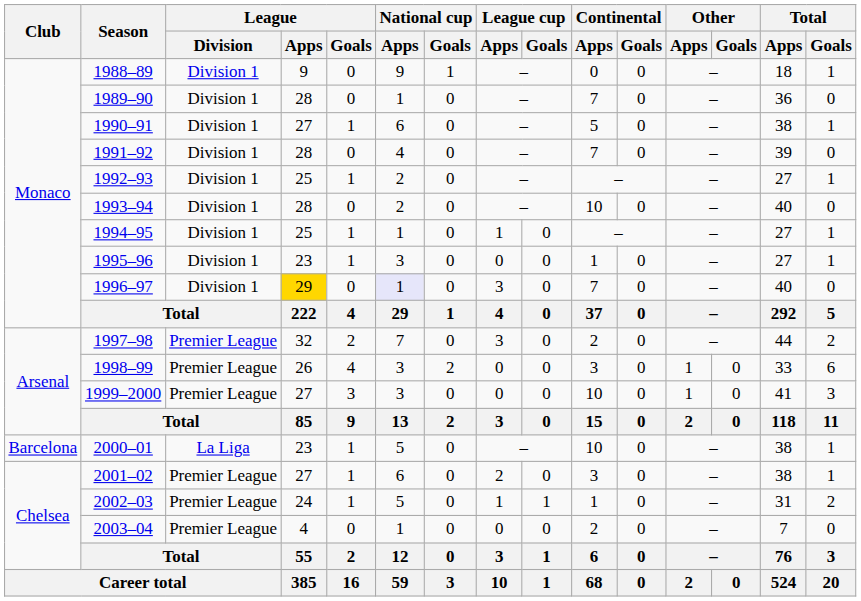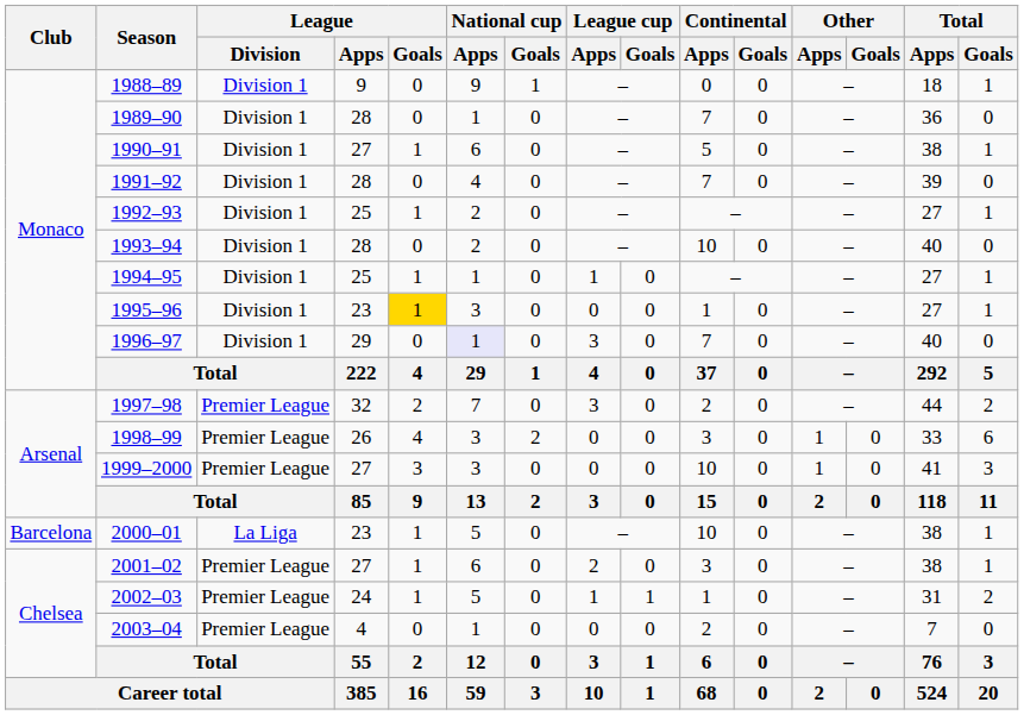 <table class="wikitable" style="text-align: center;">
 <tr>
 <th rowspan="2">Club</th>
 <th rowspan="2">Season</th>
 <th colspan="3">League</th>
 <th colspan="2">National cup</th>
 <th colspan="2">League cup</th>
 <th colspan="2">Continental</th>
 <th colspan="2">Other</th>
 <th colspan="2">Total</th>
 </tr>
 <tr>
 <th>Division</th>
 <th>Apps</th>
 <th>Goals</th>
 <th>Apps</th>
 <th>Goals</th>
 <th>Apps</th>
 <th>Goals</th>
 <th>Apps</th>
 <th>Goals</th>
 <th>Apps</th>
 <th>Goals</th>
 <th>Apps</th>
 <th>Goals</th>
 </tr>
 <tr>
 <td rowspan="10"><a href='#'>Monaco</a></td>
 <td><a href='#'>1988–89</a></td>
 <td><a href='#'>Division 1</a></td>
 <td>9</td>
 <td>0</td>
 <td>9</td>
 <td>1</td>
 <td colspan="2">–</td>
 <td>0</td>
 <td>0</td>
 <td colspan="2">–</td>
 <td>18</td>
 <td>1</td>
 </tr>
 <tr>
 <td><a href='#'>1989–90</a></td>
 <td>Division 1</td>
 <td>28</td>
 <td>0</td>
 <td>1</td>
 <td>0</td>
 <td colspan="2">–</td>
 <td>7</td>
 <td>0</td>
 <td colspan="2">–</td>
 <td>36</td>
 <td>0</td>
 </tr>
 <tr>
 <td><a href='#'>1990–91</a></td>
 <td>Division 1</td>
 <td>27</td>
 <td>1</td>
 <td>6</td>
 <td>0</td>
 <td colspan="2">–</td>
 <td>5</td>
 <td>0</td>
 <td colspan="2">–</td>
 <td>38</td>
 <td>1</td>
 </tr>
 <tr>
 <td><a href='#'>1991–92</a></td>
 <td>Division 1</td>
 <td>28</td>
 <td>0</td>
 <td>4</td>
 <td>0</td>
 <td colspan="2">–</td>
 <td>7</td>
 <td>0</td>
 <td colspan="2">–</td>
 <td>39</td>
 <td>0</td>
 </tr>
 <tr>
 <td><a href='#'>1992–93</a></td>
 <td>Division 1</td>
 <td>25</td>
 <td>1</td>
 <td>2</td>
 <td>0</td>
 <td colspan="2">–</td>
 <td colspan="2">–</td>
 <td colspan="2">–</td>
 <td>27</td>
 <td>1</td>
 </tr>
 <tr>
 <td><a href='#'>1993–94</a></td>
 <td>Division 1</td>
 <td>28</td>
 <td>0</td>
 <td>2</td>
 <td>0</td>
 <td colspan="2">–</td>
 <td>10</td>
 <td>0</td>
 <td colspan="2">–</td>
 <td>40</td>
 <td>0</td>
 </tr>
 <tr>
 <td><a href='#'>1994–95</a></td>
 <td>Division 1</td>
 <td>25</td>
 <td>1</td>
 <td>1</td>
 <td>0</td>
 <td>1</td>
 <td>0</td>
 <td colspan="2">–</td>
 <td colspan="2">–</td>
 <td>27</td>
 <td>1</td>
 </tr>
 <tr>
 <td><a href='#'>1995–96</a></td>
 <td>Division 1</td>
 <td>23</td>
-<td>1</td>
+<td style="background: gold;">1</td>
 <td>3</td>
 <td>0</td>
 <td>0</td>
 <td>0</td>
 <td>1</td>
 <td>0</td>
 <td colspan="2">–</td>
 <td>27</td>
 <td>1</td>
 </tr>
 <tr>
 <td><a href='#'>1996–97</a></td>
 <td>Division 1</td>
-<td style="background: gold;">29</td>
+<td>29</td>
 <td>0</td>
 <td style="background: lavender;">1</td>
 <td>0</td>
 <td>3</td>
 <td>0</td>
 <td>7</td>
 <td>0</td>
 <td colspan="2">–</td>
 <td>40</td>
 <td>0</td>
 </tr>
 <tr>
 <th colspan="2">Total</th>
 <th>222</th>
 <th>4</th>
 <th>29</th>
 <th>1</th>
 <th>4</th>
 <th>0</th>
 <th>37</th>
 <th>0</th>
 <th colspan="2">–</th>
 <th>292</th>
 <th>5</th>
 </tr>
 <tr>
 <td rowspan="4"><a href='#'>Arsenal</a></td>
 <td><a href='#'>1997–98</a></td>
 <td><a href='#'>Premier League</a></td>
 <td>32</td>
 <td>2</td>
 <td>7</td>
 <td>0</td>
 <td>3</td>
 <td>0</td>
 <td>2</td>
 <td>0</td>
 <td colspan="2">–</td>
 <td>44</td>
 <td>2</td>
 </tr>
 <tr>
 <td><a href='#'>1998–99</a></td>
 <td>Premier League</td>
 <td>26</td>
 <td>4</td>
 <td>3</td>
 <td>2</td>
 <td>0</td>
 <td>0</td>
 <td>3</td>
 <td>0</td>
 <td>1</td>
 <td>0</td>
 <td>33</td>
 <td>6</td>
 </tr>
 <tr>
 <td><a href='#'>1999–2000</a></td>
 <td>Premier League</td>
 <td>27</td>
 <td>3</td>
 <td>3</td>
 <td>0</td>
 <td>0</td>
 <td>0</td>
 <td>10</td>
 <td>0</td>
 <td>1</td>
 <td>0</td>
 <td>41</td>
 <td>3</td>
 </tr>
 <tr>
 <th colspan="2">Total</th>
 <th>85</th>
 <th>9</th>
 <th>13</th>
 <th>2</th>
 <th>3</th>
 <th>0</th>
 <th>15</th>
 <th>0</th>
 <th>2</th>
 <th>0</th>
 <th>118</th>
 <th>11</th>
 </tr>
 <tr>
 <td><a href='#'>Barcelona</a></td>
 <td><a href='#'>2000–01</a></td>
 <td><a href='#'>La Liga</a></td>
 <td>23</td>
 <td>1</td>
 <td>5</td>
 <td>0</td>
 <td colspan="2">–</td>
 <td>10</td>
 <td>0</td>
 <td colspan="2">–</td>
 <td>38</td>
 <td>1</td>
 </tr>
 <tr>
 <td rowspan="4"><a href='#'>Chelsea</a></td>
 <td><a href='#'>2001–02</a></td>
 <td>Premier League</td>
 <td>27</td>
 <td>1</td>
 <td>6</td>
 <td>0</td>
 <td>2</td>
 <td>0</td>
 <td>3</td>
 <td>0</td>
 <td colspan="2">–</td>
 <td>38</td>
 <td>1</td>
 </tr>
 <tr>
 <td><a href='#'>2002–03</a></td>
 <td>Premier League</td>
 <td>24</td>
 <td>1</td>
 <td>5</td>
 <td>0</td>
 <td>1</td>
 <td>1</td>
 <td>1</td>
 <td>0</td>
 <td colspan="2">–</td>
 <td>31</td>
 <td>2</td>
 </tr>
 <tr>
 <td><a href='#'>2003–04</a></td>
 <td>Premier League</td>
 <td>4</td>
 <td>0</td>
 <td>1</td>
 <td>0</td>
 <td>0</td>
 <td>0</td>
 <td>2</td>
 <td>0</td>
 <td colspan="2">–</td>
 <td>7</td>
 <td>0</td>
 </tr>
 <tr>
 <th colspan="2">Total</th>
 <th>55</th>
 <th>2</th>
 <th>12</th>
 <th>0</th>
 <th>3</th>
 <th>1</th>
 <th>6</th>
 <th>0</th>
 <th colspan="2">–</th>
 <th>76</th>
 <th>3</th>
 </tr>
 <tr>
 <th colspan="3">Career total</th>
 <th>385</th>
 <th>16</th>
 <th>59</th>
 <th>3</th>
 <th>10</th>
 <th>1</th>
 <th>68</th>
 <th>0</th>
 <th>2</th>
 <th>0</th>
 <th>524</th>
 <th>20</th>
 </tr>
 </table>
